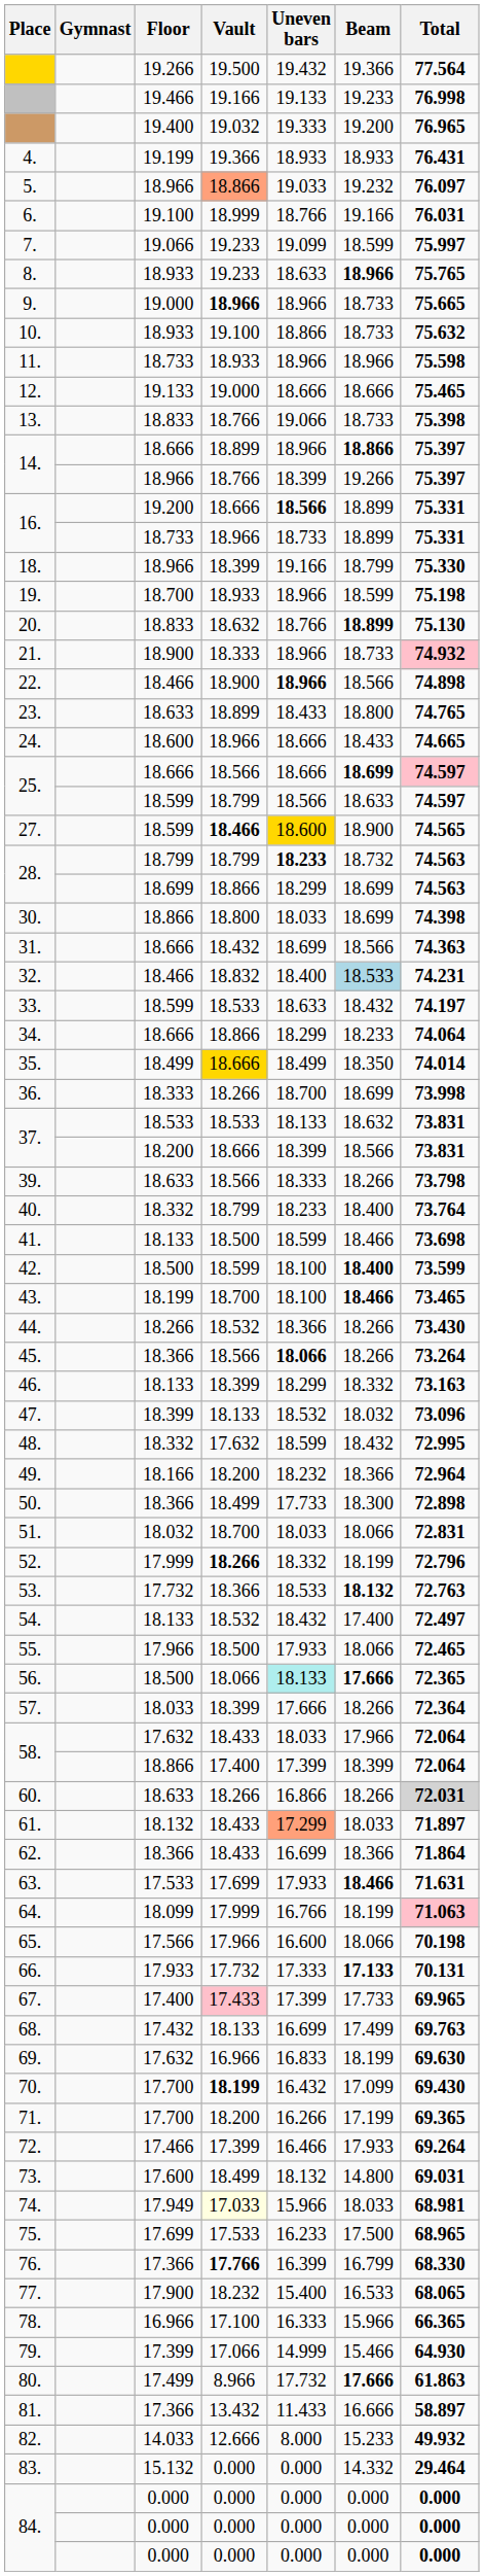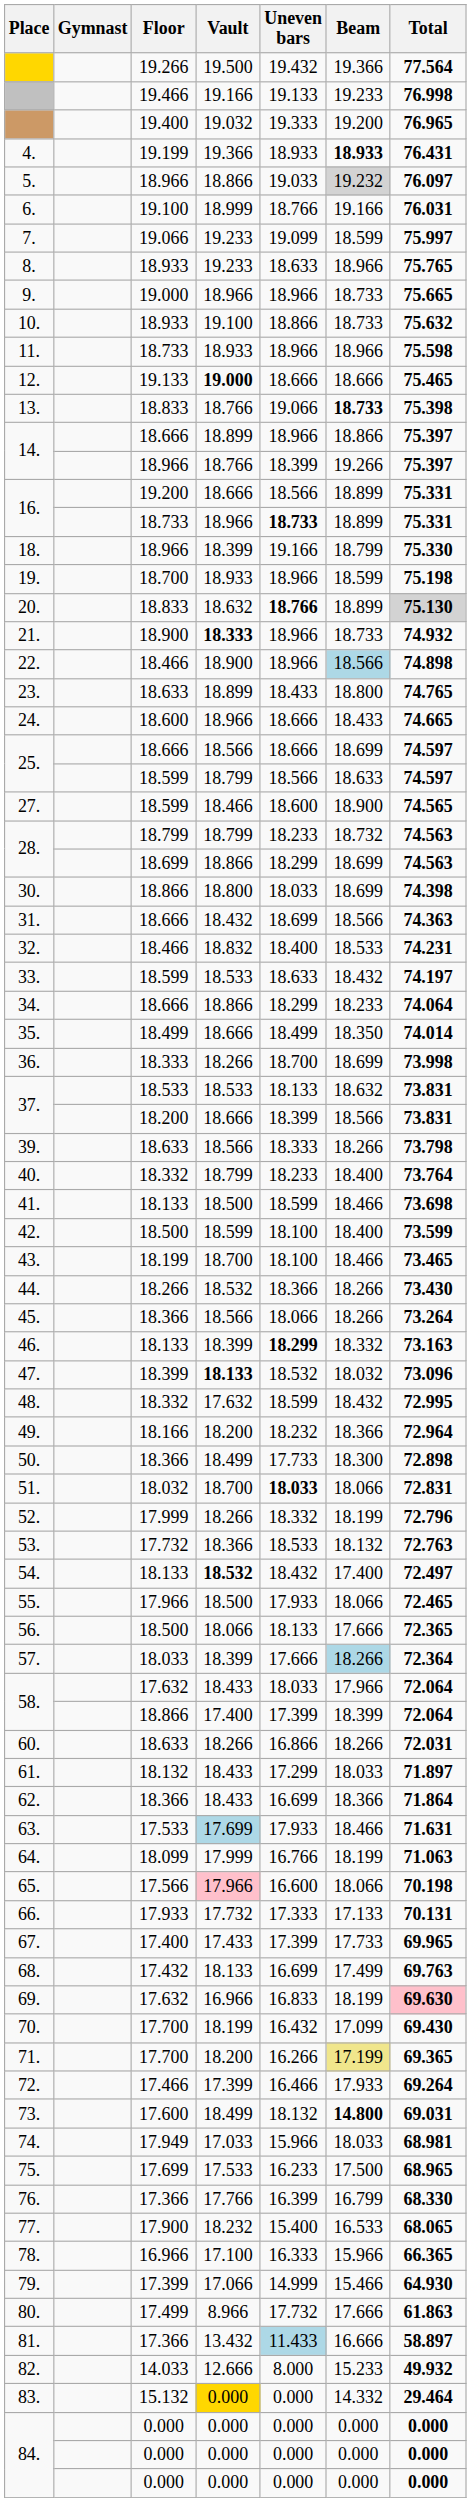 <table class=wikitable style="text-align:center">
 <tr>
 <th>Place</th>
 <th>Gymnast</th>
 <th>Floor</th>
 <th>Vault</th>
 <th>Uneven bars</th>
 <th>Beam</th>
 <th>Total</th>
 </tr>
 <tr>
 <td width=30 bgcolor=gold></td>
 <td align=left></td>
 <td width=50>19.266</td>
 <td width=50>19.500</td>
 <td width=50>19.432</td>
 <td width=50>19.366</td>
 <td width=60><strong>77.564</strong></td>
 </tr>
 <tr>
 <td bgcolor=silver></td>
 <td align=left></td>
 <td>19.466</td>
 <td>19.166</td>
 <td>19.133</td>
 <td>19.233</td>
 <td><strong>76.998</strong></td>
 </tr>
 <tr>
 <td bgcolor=cc9966></td>
 <td align=left></td>
 <td>19.400</td>
 <td>19.032</td>
 <td>19.333</td>
 <td>19.200</td>
 <td><strong>76.965</strong></td>
 </tr>
 <tr>
 <td>4.</td>
 <td align=left></td>
 <td>19.199</td>
 <td>19.366</td>
 <td>18.933</td>
-<td>18.933</td>
+<td><strong>18.933</strong></td>
 <td><strong>76.431</strong></td>
 </tr>
 <tr>
 <td>5.</td>
 <td align=left></td>
 <td>18.966</td>
-<td style="background: lightsalmon;">18.866</td>
+<td>18.866</td>
 <td>19.033</td>
-<td>19.232</td>
+<td style="background: lightgrey;">19.232</td>
 <td><strong>76.097</strong></td>
 </tr>
 <tr>
 <td>6.</td>
 <td align=left></td>
 <td>19.100</td>
 <td>18.999</td>
 <td>18.766</td>
 <td>19.166</td>
 <td><strong>76.031</strong></td>
 </tr>
 <tr>
 <td>7.</td>
 <td align=left></td>
 <td>19.066</td>
 <td>19.233</td>
 <td>19.099</td>
 <td>18.599</td>
 <td><strong>75.997</strong></td>
 </tr>
 <tr>
 <td>8.</td>
 <td align=left></td>
 <td>18.933</td>
 <td>19.233</td>
 <td>18.633</td>
-<td><strong>18.966</strong></td>
+<td>18.966</td>
 <td><strong>75.765</strong></td>
 </tr>
 <tr>
 <td>9.</td>
 <td align=left></td>
 <td>19.000</td>
-<td><strong>18.966</strong></td>
+<td>18.966</td>
 <td>18.966</td>
 <td>18.733</td>
 <td><strong>75.665</strong></td>
 </tr>
 <tr>
 <td>10.</td>
 <td align=left></td>
 <td>18.933</td>
 <td>19.100</td>
 <td>18.866</td>
 <td>18.733</td>
 <td><strong>75.632</strong></td>
 </tr>
 <tr>
 <td>11.</td>
 <td align=left></td>
 <td>18.733</td>
 <td>18.933</td>
 <td>18.966</td>
 <td>18.966</td>
 <td><strong>75.598</strong></td>
 </tr>
 <tr>
 <td>12.</td>
 <td align=left></td>
 <td>19.133</td>
-<td>19.000</td>
+<td><strong>19.000</strong></td>
 <td>18.666</td>
 <td>18.666</td>
 <td><strong>75.465</strong></td>
 </tr>
 <tr>
 <td>13.</td>
 <td align=left></td>
 <td>18.833</td>
 <td>18.766</td>
 <td>19.066</td>
-<td>18.733</td>
+<td><strong>18.733</strong></td>
 <td><strong>75.398</strong></td>
 </tr>
 <tr>
 <td rowspan=2>14.</td>
 <td align=left></td>
 <td>18.666</td>
 <td>18.899</td>
 <td>18.966</td>
-<td><strong>18.866</strong></td>
+<td>18.866</td>
 <td><strong>75.397</strong></td>
 </tr>
 <tr>
 <td align=left></td>
 <td>18.966</td>
 <td>18.766</td>
 <td>18.399</td>
 <td>19.266</td>
 <td><strong>75.397</strong></td>
 </tr>
 <tr>
 <td rowspan=2>16.</td>
 <td align=left></td>
 <td>19.200</td>
 <td>18.666</td>
-<td><strong>18.566</strong></td>
+<td>18.566</td>
 <td>18.899</td>
 <td><strong>75.331</strong></td>
 </tr>
 <tr>
 <td align=left></td>
 <td>18.733</td>
 <td>18.966</td>
-<td>18.733</td>
+<td><strong>18.733</strong></td>
 <td>18.899</td>
 <td><strong>75.331</strong></td>
 </tr>
 <tr>
 <td>18.</td>
 <td align=left></td>
 <td>18.966</td>
 <td>18.399</td>
 <td>19.166</td>
 <td>18.799</td>
 <td><strong>75.330</strong></td>
 </tr>
 <tr>
 <td>19.</td>
 <td align=left></td>
 <td>18.700</td>
 <td>18.933</td>
 <td>18.966</td>
 <td>18.599</td>
 <td><strong>75.198</strong></td>
 </tr>
 <tr>
 <td>20.</td>
 <td align=left></td>
 <td>18.833</td>
 <td>18.632</td>
-<td>18.766</td>
-<td><strong>18.899</strong></td>
-<td><strong>75.130</strong></td>
+<td><strong>18.766</strong></td>
+<td>18.899</td>
+<td style="background: lightgrey;"><strong>75.130</strong></td>
 </tr>
 <tr>
 <td>21.</td>
 <td align=left></td>
 <td>18.900</td>
-<td>18.333</td>
+<td><strong>18.333</strong></td>
 <td>18.966</td>
 <td>18.733</td>
-<td style="background: pink;"><strong>74.932</strong></td>
+<td><strong>74.932</strong></td>
 </tr>
 <tr>
 <td>22.</td>
 <td align=left></td>
 <td>18.466</td>
 <td>18.900</td>
-<td><strong>18.966</strong></td>
-<td>18.566</td>
+<td>18.966</td>
+<td style="background: lightblue;">18.566</td>
 <td><strong>74.898</strong></td>
 </tr>
 <tr>
 <td>23.</td>
 <td align=left></td>
 <td>18.633</td>
 <td>18.899</td>
 <td>18.433</td>
 <td>18.800</td>
 <td><strong>74.765</strong></td>
 </tr>
 <tr>
 <td>24.</td>
 <td align=left></td>
 <td>18.600</td>
 <td>18.966</td>
 <td>18.666</td>
 <td>18.433</td>
 <td><strong>74.665</strong></td>
 </tr>
 <tr>
 <td rowspan=2>25.</td>
 <td align=left></td>
 <td>18.666</td>
 <td>18.566</td>
 <td>18.666</td>
-<td><strong>18.699</strong></td>
-<td style="background: pink;"><strong>74.597</strong></td>
+<td>18.699</td>
+<td><strong>74.597</strong></td>
 </tr>
 <tr>
 <td align=left></td>
 <td>18.599</td>
 <td>18.799</td>
 <td>18.566</td>
 <td>18.633</td>
 <td><strong>74.597</strong></td>
 </tr>
 <tr>
 <td>27.</td>
 <td align=left></td>
 <td>18.599</td>
-<td><strong>18.466</strong></td>
-<td style="background: gold;">18.600</td>
+<td>18.466</td>
+<td>18.600</td>
 <td>18.900</td>
 <td><strong>74.565</strong></td>
 </tr>
 <tr>
 <td rowspan=2>28.</td>
 <td align=left></td>
 <td>18.799</td>
 <td>18.799</td>
-<td><strong>18.233</strong></td>
+<td>18.233</td>
 <td>18.732</td>
 <td><strong>74.563</strong></td>
 </tr>
 <tr>
 <td align=left></td>
 <td>18.699</td>
 <td>18.866</td>
 <td>18.299</td>
 <td>18.699</td>
 <td><strong>74.563</strong></td>
 </tr>
 <tr>
 <td>30.</td>
 <td align=left></td>
 <td>18.866</td>
 <td>18.800</td>
 <td>18.033</td>
 <td>18.699</td>
 <td><strong>74.398</strong></td>
 </tr>
 <tr>
 <td>31.</td>
 <td align=left></td>
 <td>18.666</td>
 <td>18.432</td>
 <td>18.699</td>
 <td>18.566</td>
 <td><strong>74.363</strong></td>
 </tr>
 <tr>
 <td>32.</td>
 <td align=left></td>
 <td>18.466</td>
 <td>18.832</td>
 <td>18.400</td>
-<td style="background: lightblue;">18.533</td>
+<td>18.533</td>
 <td><strong>74.231</strong></td>
 </tr>
 <tr>
 <td>33.</td>
 <td align=left></td>
 <td>18.599</td>
 <td>18.533</td>
 <td>18.633</td>
 <td>18.432</td>
 <td><strong>74.197</strong></td>
 </tr>
 <tr>
 <td>34.</td>
 <td align=left></td>
 <td>18.666</td>
 <td>18.866</td>
 <td>18.299</td>
 <td>18.233</td>
 <td><strong>74.064</strong></td>
 </tr>
 <tr>
 <td>35.</td>
 <td align=left></td>
 <td>18.499</td>
-<td style="background: gold;">18.666</td>
+<td>18.666</td>
 <td>18.499</td>
 <td>18.350</td>
 <td><strong>74.014</strong></td>
 </tr>
 <tr>
 <td>36.</td>
 <td align=left></td>
 <td>18.333</td>
 <td>18.266</td>
 <td>18.700</td>
 <td>18.699</td>
 <td><strong>73.998</strong></td>
 </tr>
 <tr>
 <td rowspan=2>37.</td>
 <td align=left></td>
 <td>18.533</td>
 <td>18.533</td>
 <td>18.133</td>
 <td>18.632</td>
 <td><strong>73.831</strong></td>
 </tr>
 <tr>
 <td align=left></td>
 <td>18.200</td>
 <td>18.666</td>
 <td>18.399</td>
 <td>18.566</td>
 <td><strong>73.831</strong></td>
 </tr>
 <tr>
 <td>39.</td>
 <td align=left></td>
 <td>18.633</td>
 <td>18.566</td>
 <td>18.333</td>
 <td>18.266</td>
 <td><strong>73.798</strong></td>
 </tr>
 <tr>
 <td>40.</td>
 <td align=left></td>
 <td>18.332</td>
 <td>18.799</td>
 <td>18.233</td>
 <td>18.400</td>
 <td><strong>73.764</strong></td>
 </tr>
 <tr>
 <td>41.</td>
 <td align=left></td>
 <td>18.133</td>
 <td>18.500</td>
 <td>18.599</td>
 <td>18.466</td>
 <td><strong>73.698</strong></td>
 </tr>
 <tr>
 <td>42.</td>
 <td align=left></td>
 <td>18.500</td>
 <td>18.599</td>
 <td>18.100</td>
-<td><strong>18.400</strong></td>
+<td>18.400</td>
 <td><strong>73.599</strong></td>
 </tr>
 <tr>
 <td>43.</td>
 <td align=left></td>
 <td>18.199</td>
 <td>18.700</td>
 <td>18.100</td>
-<td><strong>18.466</strong></td>
+<td>18.466</td>
 <td><strong>73.465</strong></td>
 </tr>
 <tr>
 <td>44.</td>
 <td align=left></td>
 <td>18.266</td>
 <td>18.532</td>
 <td>18.366</td>
 <td>18.266</td>
 <td><strong>73.430</strong></td>
 </tr>
 <tr>
 <td>45.</td>
 <td align=left></td>
 <td>18.366</td>
 <td>18.566</td>
-<td><strong>18.066</strong></td>
+<td>18.066</td>
 <td>18.266</td>
 <td><strong>73.264</strong></td>
 </tr>
 <tr>
 <td>46.</td>
 <td align=left></td>
 <td>18.133</td>
 <td>18.399</td>
-<td>18.299</td>
+<td><strong>18.299</strong></td>
 <td>18.332</td>
 <td><strong>73.163</strong></td>
 </tr>
 <tr>
 <td>47.</td>
 <td align=left></td>
 <td>18.399</td>
-<td>18.133</td>
+<td><strong>18.133</strong></td>
 <td>18.532</td>
 <td>18.032</td>
 <td><strong>73.096</strong></td>
 </tr>
 <tr>
 <td>48.</td>
 <td align=left></td>
 <td>18.332</td>
 <td>17.632</td>
 <td>18.599</td>
 <td>18.432</td>
 <td><strong>72.995</strong></td>
 </tr>
 <tr>
 <td>49.</td>
 <td align=left></td>
 <td>18.166</td>
 <td>18.200</td>
 <td>18.232</td>
 <td>18.366</td>
 <td><strong>72.964</strong></td>
 </tr>
 <tr>
 <td>50.</td>
 <td align=left></td>
 <td>18.366</td>
 <td>18.499</td>
 <td>17.733</td>
 <td>18.300</td>
 <td><strong>72.898</strong></td>
 </tr>
 <tr>
 <td>51.</td>
 <td align=left></td>
 <td>18.032</td>
 <td>18.700</td>
-<td>18.033</td>
+<td><strong>18.033</strong></td>
 <td>18.066</td>
 <td><strong>72.831</strong></td>
 </tr>
 <tr>
 <td>52.</td>
 <td align=left></td>
 <td>17.999</td>
-<td><strong>18.266</strong></td>
+<td>18.266</td>
 <td>18.332</td>
 <td>18.199</td>
 <td><strong>72.796</strong></td>
 </tr>
 <tr>
 <td>53.</td>
 <td align=left></td>
 <td>17.732</td>
 <td>18.366</td>
 <td>18.533</td>
-<td><strong>18.132</strong></td>
+<td>18.132</td>
 <td><strong>72.763</strong></td>
 </tr>
 <tr>
 <td>54.</td>
 <td align=left></td>
 <td>18.133</td>
-<td>18.532</td>
+<td><strong>18.532</strong></td>
 <td>18.432</td>
 <td>17.400</td>
 <td><strong>72.497</strong></td>
 </tr>
 <tr>
 <td>55.</td>
 <td align=left></td>
 <td>17.966</td>
 <td>18.500</td>
 <td>17.933</td>
 <td>18.066</td>
 <td><strong>72.465</strong></td>
 </tr>
 <tr>
 <td>56.</td>
 <td align=left></td>
 <td>18.500</td>
 <td>18.066</td>
-<td style="background: paleturquoise;">18.133</td>
-<td><strong>17.666</strong></td>
+<td>18.133</td>
+<td>17.666</td>
 <td><strong>72.365</strong></td>
 </tr>
 <tr>
 <td>57.</td>
 <td align=left></td>
 <td>18.033</td>
 <td>18.399</td>
 <td>17.666</td>
-<td>18.266</td>
+<td style="background: lightblue;">18.266</td>
 <td><strong>72.364</strong></td>
 </tr>
 <tr>
 <td rowspan=2>58.</td>
 <td align=left></td>
 <td>17.632</td>
 <td>18.433</td>
 <td>18.033</td>
 <td>17.966</td>
 <td><strong>72.064</strong></td>
 </tr>
 <tr>
 <td align=left></td>
 <td>18.866</td>
 <td>17.400</td>
 <td>17.399</td>
 <td>18.399</td>
 <td><strong>72.064</strong></td>
 </tr>
 <tr>
 <td>60.</td>
 <td align=left></td>
 <td>18.633</td>
 <td>18.266</td>
 <td>16.866</td>
 <td>18.266</td>
-<td style="background: lightgrey;"><strong>72.031</strong></td>
+<td><strong>72.031</strong></td>
 </tr>
 <tr>
 <td>61.</td>
 <td align=left></td>
 <td>18.132</td>
 <td>18.433</td>
-<td style="background: lightsalmon;">17.299</td>
+<td>17.299</td>
 <td>18.033</td>
 <td><strong>71.897</strong></td>
 </tr>
 <tr>
 <td>62.</td>
 <td align=left></td>
 <td>18.366</td>
 <td>18.433</td>
 <td>16.699</td>
 <td>18.366</td>
 <td><strong>71.864</strong></td>
 </tr>
 <tr>
 <td>63.</td>
 <td align=left></td>
 <td>17.533</td>
-<td>17.699</td>
+<td style="background: lightblue;">17.699</td>
 <td>17.933</td>
-<td><strong>18.466</strong></td>
+<td>18.466</td>
 <td><strong>71.631</strong></td>
 </tr>
 <tr>
 <td>64.</td>
 <td align=left></td>
 <td>18.099</td>
 <td>17.999</td>
 <td>16.766</td>
 <td>18.199</td>
-<td style="background: pink;"><strong>71.063</strong></td>
+<td><strong>71.063</strong></td>
 </tr>
 <tr>
 <td>65.</td>
 <td align=left></td>
 <td>17.566</td>
-<td>17.966</td>
+<td style="background: pink;">17.966</td>
 <td>16.600</td>
 <td>18.066</td>
 <td><strong>70.198</strong></td>
 </tr>
 <tr>
 <td>66.</td>
 <td align=left></td>
 <td>17.933</td>
 <td>17.732</td>
 <td>17.333</td>
-<td><strong>17.133</strong></td>
+<td>17.133</td>
 <td><strong>70.131</strong></td>
 </tr>
 <tr>
 <td>67.</td>
 <td align=left></td>
 <td>17.400</td>
-<td style="background: pink;">17.433</td>
+<td>17.433</td>
 <td>17.399</td>
 <td>17.733</td>
 <td><strong>69.965</strong></td>
 </tr>
 <tr>
 <td>68.</td>
 <td align=left></td>
 <td>17.432</td>
 <td>18.133</td>
 <td>16.699</td>
 <td>17.499</td>
 <td><strong>69.763</strong></td>
 </tr>
 <tr>
 <td>69.</td>
 <td align=left></td>
 <td>17.632</td>
 <td>16.966</td>
 <td>16.833</td>
 <td>18.199</td>
-<td><strong>69.630</strong></td>
+<td style="background: pink;"><strong>69.630</strong></td>
 </tr>
 <tr>
 <td>70.</td>
 <td align=left></td>
 <td>17.700</td>
-<td><strong>18.199</strong></td>
+<td>18.199</td>
 <td>16.432</td>
 <td>17.099</td>
 <td><strong>69.430</strong></td>
 </tr>
 <tr>
 <td>71.</td>
 <td align=left></td>
 <td>17.700</td>
 <td>18.200</td>
 <td>16.266</td>
-<td>17.199</td>
+<td style="background: khaki;">17.199</td>
 <td><strong>69.365</strong></td>
 </tr>
 <tr>
 <td>72.</td>
 <td align=left></td>
 <td>17.466</td>
 <td>17.399</td>
 <td>16.466</td>
 <td>17.933</td>
 <td><strong>69.264</strong></td>
 </tr>
 <tr>
 <td>73.</td>
 <td align=left></td>
 <td>17.600</td>
 <td>18.499</td>
 <td>18.132</td>
-<td>14.800</td>
+<td><strong>14.800</strong></td>
 <td><strong>69.031</strong></td>
 </tr>
 <tr>
 <td>74.</td>
 <td align=left></td>
 <td>17.949</td>
-<td style="background: lightyellow;">17.033</td>
+<td>17.033</td>
 <td>15.966</td>
 <td>18.033</td>
 <td><strong>68.981</strong></td>
 </tr>
 <tr>
 <td>75.</td>
 <td align=left></td>
 <td>17.699</td>
 <td>17.533</td>
 <td>16.233</td>
 <td>17.500</td>
 <td><strong>68.965</strong></td>
 </tr>
 <tr>
 <td>76.</td>
 <td align=left></td>
 <td>17.366</td>
-<td><strong>17.766</strong></td>
+<td>17.766</td>
 <td>16.399</td>
 <td>16.799</td>
 <td><strong>68.330</strong></td>
 </tr>
 <tr>
 <td>77.</td>
 <td align=left></td>
 <td>17.900</td>
 <td>18.232</td>
 <td>15.400</td>
 <td>16.533</td>
 <td><strong>68.065</strong></td>
 </tr>
 <tr>
 <td>78.</td>
 <td align=left></td>
 <td>16.966</td>
 <td>17.100</td>
 <td>16.333</td>
 <td>15.966</td>
 <td><strong>66.365</strong></td>
 </tr>
 <tr>
 <td>79.</td>
 <td align=left></td>
 <td>17.399</td>
 <td>17.066</td>
 <td>14.999</td>
 <td>15.466</td>
 <td><strong>64.930</strong></td>
 </tr>
 <tr>
 <td>80.</td>
 <td align=left></td>
 <td>17.499</td>
 <td>8.966</td>
 <td>17.732</td>
-<td><strong>17.666</strong></td>
+<td>17.666</td>
 <td><strong>61.863</strong></td>
 </tr>
 <tr>
 <td>81.</td>
 <td align=left></td>
 <td>17.366</td>
 <td>13.432</td>
-<td>11.433</td>
+<td style="background: lightblue;">11.433</td>
 <td>16.666</td>
 <td><strong>58.897</strong></td>
 </tr>
 <tr>
 <td>82.</td>
 <td align=left></td>
 <td>14.033</td>
 <td>12.666</td>
 <td>8.000</td>
 <td>15.233</td>
 <td><strong>49.932</strong></td>
 </tr>
 <tr>
 <td>83.</td>
 <td align=left></td>
 <td>15.132</td>
-<td>0.000</td>
+<td style="background: gold;">0.000</td>
 <td>0.000</td>
 <td>14.332</td>
 <td><strong>29.464</strong></td>
 </tr>
 <tr>
 <td rowspan=3>84.</td>
 <td align=left></td>
 <td>0.000</td>
 <td>0.000</td>
 <td>0.000</td>
 <td>0.000</td>
 <td><strong>0.000</strong></td>
 </tr>
 <tr>
 <td align=left></td>
 <td>0.000</td>
 <td>0.000</td>
 <td>0.000</td>
 <td>0.000</td>
 <td><strong>0.000</strong></td>
 </tr>
 <tr>
 <td align=left></td>
 <td>0.000</td>
 <td>0.000</td>
 <td>0.000</td>
 <td>0.000</td>
 <td><strong>0.000</strong></td>
 </tr>
 </table>
